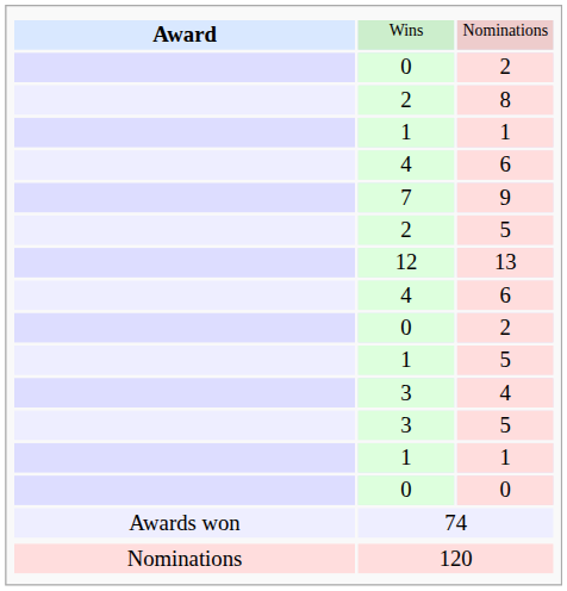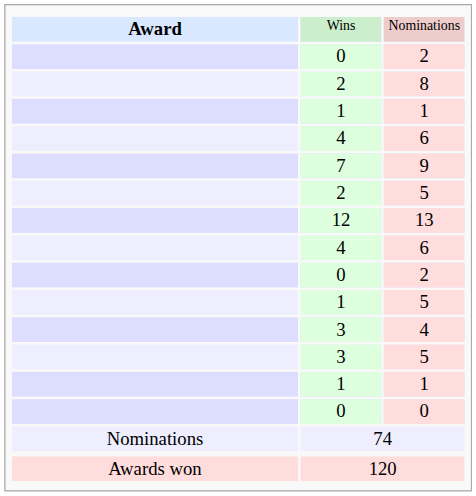 <table class="infobox" style="width: 25em; text-align: left; font-size: 90%; vertical-align: middle;">
 <tr>
 <td colspan=3 style="text-align:center;"></td>
 </tr>
 <tr bgcolor=#D9E8FF style="text-align:center;">
 <th style="vertical-align: middle;">Award</th>
 <td style="background:#cceecc; font-size:8pt;" width="60px">Wins</td>
 <td style="background:#eecccc; font-size:8pt;" width="60px">Nominations</td>
 </tr>
 <tr bgcolor=#ddddff>
 <td align="center"><br></td>
 <td style="text-align:center;background: #ddffdd;vertical-align: middle;">0</td>
 <td style="text-align:center;background: #ffdddd;vertical-align: middle;">2</td>
 </tr>
 <tr bgcolor=#eeeeff>
 <td align="center"><br></td>
 <td style="text-align:center;background: #ddffdd;vertical-align: middle;">2</td>
 <td style="text-align:center;background: #ffdddd;vertical-align: middle;">8</td>
 </tr>
 <tr bgcolor=#ddddff>
 <td align="center"><br></td>
 <td style="text-align:center;background: #ddffdd;vertical-align: middle;">1</td>
 <td style="text-align:center;background: #ffdddd;vertical-align: middle;">1</td>
 </tr>
 <tr bgcolor=#eeeeff>
 <td align="center"><br></td>
 <td style="text-align:center;background: #ddffdd;vertical-align: middle;">4</td>
 <td style="text-align:center;background: #ffdddd;vertical-align: middle;">6</td>
 </tr>
 <tr bgcolor=#ddddff>
 <td align="center"><br></td>
 <td style="text-align:center;background: #ddffdd;vertical-align: middle;">7</td>
 <td style="text-align:center;background: #ffdddd;vertical-align: middle;">9</td>
 </tr>
 <tr bgcolor=#eeeeff>
 <td align="center"><br></td>
 <td style="text-align:center;background: #ddffdd;vertical-align: middle;">2</td>
 <td style="text-align:center;background: #ffdddd;vertical-align: middle;">5</td>
 </tr>
 <tr bgcolor=#ddddff>
 <td align="center"><br></td>
 <td style="text-align:center;background: #ddffdd;vertical-align: middle;">12</td>
 <td style="text-align:center;background: #ffdddd;vertical-align: middle;">13</td>
 </tr>
 <tr bgcolor=#eeeeff>
 <td align="center"><br></td>
 <td style="text-align:center;background: #ddffdd;vertical-align: middle;">4</td>
 <td style="text-align:center;background: #ffdddd;vertical-align: middle;">6</td>
 </tr>
 <tr bgcolor=#ddddff>
 <td align="center"><br></td>
 <td style="text-align:center;background: #ddffdd;vertical-align: middle;">0</td>
 <td style="text-align:center;background: #ffdddd;vertical-align: middle;">2</td>
 </tr>
 <tr bgcolor=#eeeeff>
 <td align="center"><br></td>
 <td style="text-align:center;background: #ddffdd;vertical-align: middle;">1</td>
 <td style="text-align:center;background: #ffdddd;vertical-align: middle;">5</td>
 </tr>
 <tr bgcolor=#ddddff>
 <td align="center"><br></td>
 <td style="text-align:center;background: #ddffdd;vertical-align: middle;">3</td>
 <td style="text-align:center;background: #ffdddd;vertical-align: middle;">4</td>
 </tr>
 <tr bgcolor=#eeeeff>
 <td align="center"><br></td>
 <td style="text-align:center;background: #ddffdd;vertical-align: middle;">3</td>
 <td style="text-align:center;background: #ffdddd;vertical-align: middle;">5</td>
 </tr>
 <tr bgcolor=#ddddff>
 <td align="center"><br></td>
 <td style="text-align:center;background: #ddffdd;vertical-align: middle;">1</td>
 <td style="text-align:center;background: #ffdddd;vertical-align: middle;">1</td>
 </tr>
 <tr bgcolor=#ddddff>
 <td align="center"><br></td>
 <td style="text-align:center;background: #ddffdd;vertical-align: middle;">0</td>
 <td style="text-align:center;background: #ffdddd;vertical-align: middle;">0</td>
 </tr>
 <tr bgcolor=#eeeeff>
-<td style="text-align:center;">Awards won</td>
+<td style="text-align:center;">Nominations</td>
 <td colspan=2 style="text-align:center;text-size:0.9em;vertical-align: middle;" width=50>74</td>
 </tr>
 <tr>
 </tr>
 <tr bgcolor=#ffdddd>
-<td style="text-align:center;">Nominations</td>
+<td style="text-align:center;">Awards won</td>
 <td colspan=2 style="text-align:center;text-size:0.9em;vertical-align: middle;" width=50>120</td>
 </tr>
 <tr>
 </tr>
 </table>
